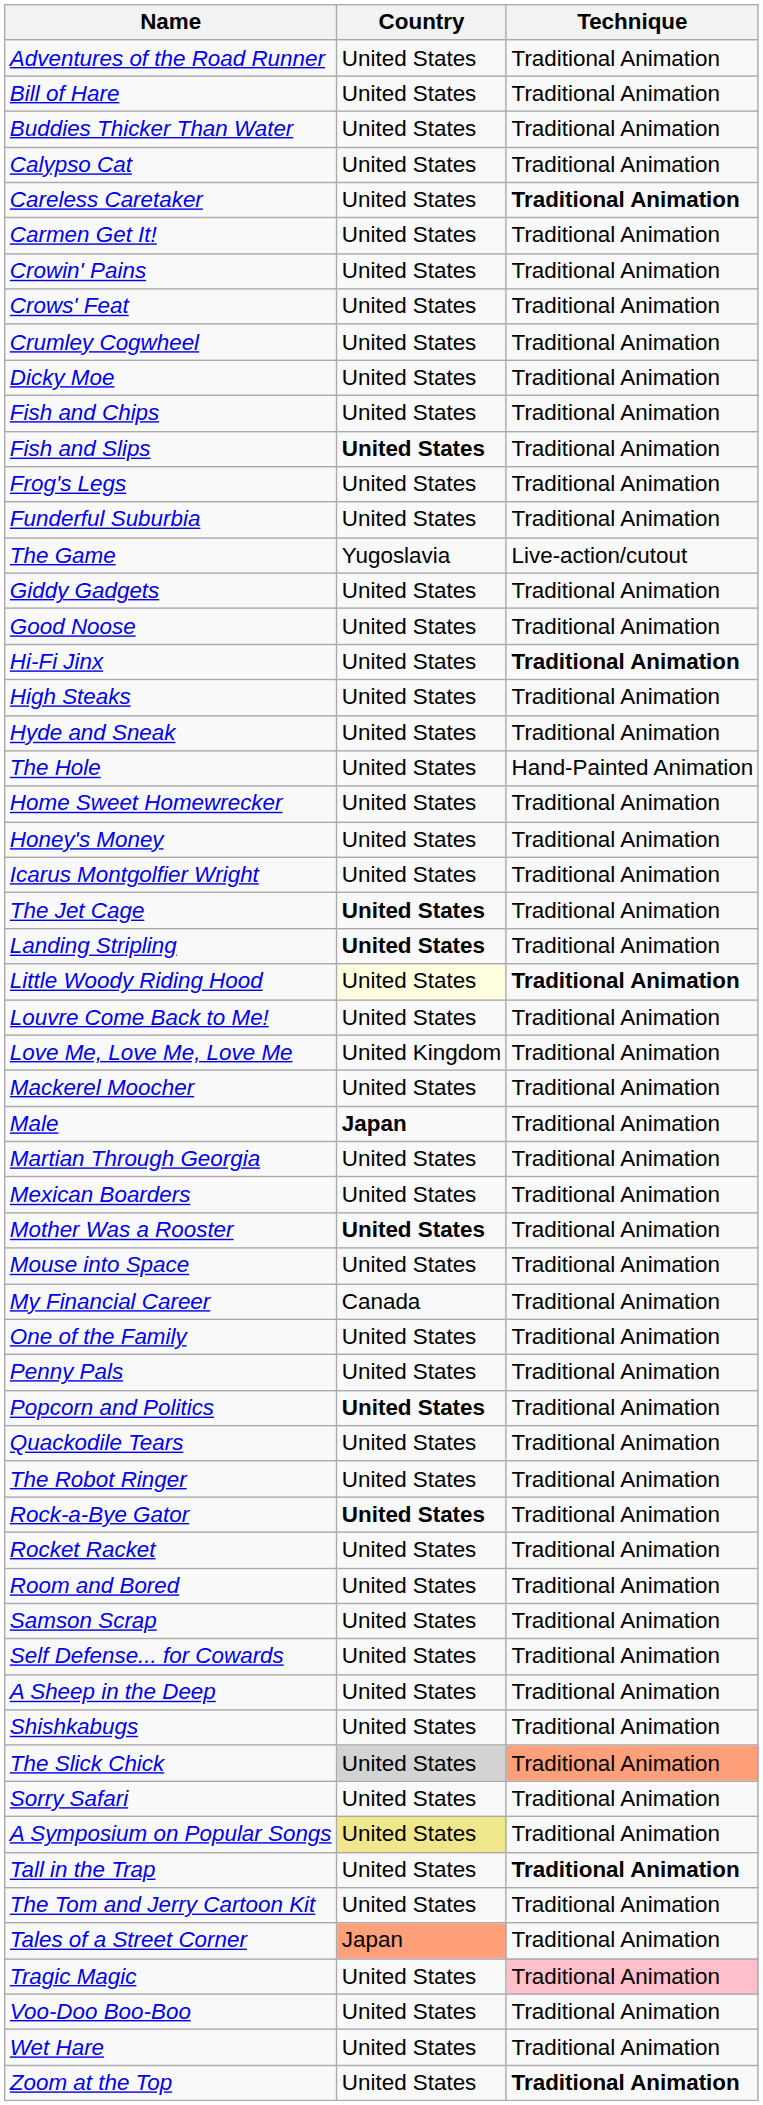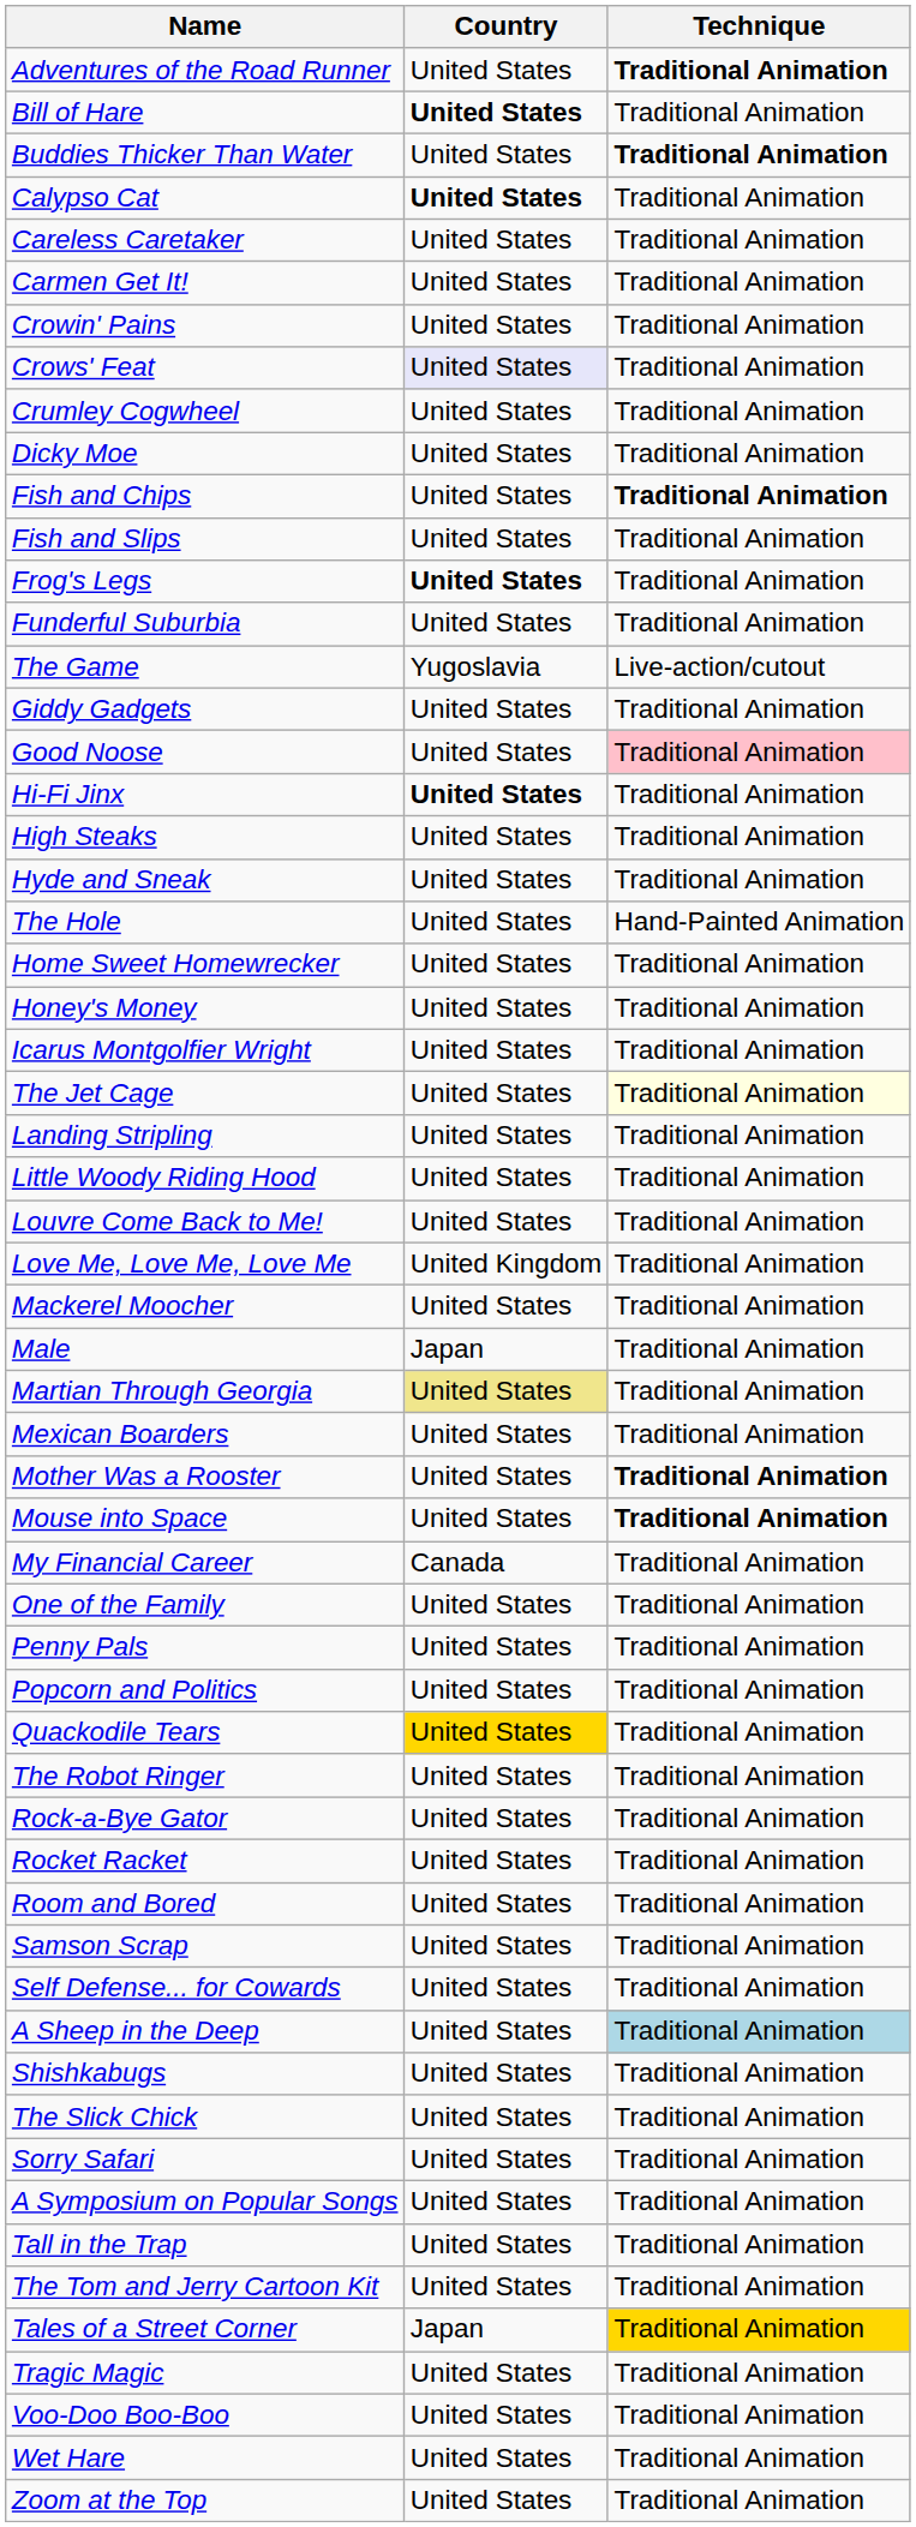 <table class="wikitable sortable">
 <tr>
 <th>Name</th>
 <th>Country</th>
 <th>Technique</th>
 </tr>
 <tr>
 <td><em><a href='#'>Adventures of the Road Runner</a></em></td>
 <td>United States</td>
-<td>Traditional Animation</td>
+<td><strong>Traditional Animation</strong></td>
 </tr>
 <tr>
 <td><em><a href='#'>Bill of Hare</a></em></td>
-<td>United States</td>
+<td><strong>United States</strong></td>
 <td>Traditional Animation</td>
 </tr>
 <tr>
 <td><em><a href='#'>Buddies Thicker Than Water</a></em></td>
 <td>United States</td>
-<td>Traditional Animation</td>
+<td><strong>Traditional Animation</strong></td>
 </tr>
 <tr>
 <td><em><a href='#'>Calypso Cat</a></em></td>
-<td>United States</td>
+<td><strong>United States</strong></td>
 <td>Traditional Animation</td>
 </tr>
 <tr>
 <td><em><a href='#'>Careless Caretaker</a></em></td>
 <td>United States</td>
-<td><strong>Traditional Animation</strong></td>
+<td>Traditional Animation</td>
 </tr>
 <tr>
 <td><em><a href='#'>Carmen Get It!</a></em></td>
 <td>United States</td>
 <td>Traditional Animation</td>
 </tr>
 <tr>
 <td><em><a href='#'>Crowin' Pains</a></em></td>
 <td>United States</td>
 <td>Traditional Animation</td>
 </tr>
 <tr>
 <td><em><a href='#'>Crows' Feat</a></em></td>
-<td>United States</td>
+<td style="background: lavender;">United States</td>
 <td>Traditional Animation</td>
 </tr>
 <tr>
 <td><em><a href='#'>Crumley Cogwheel</a></em></td>
 <td>United States</td>
 <td>Traditional Animation</td>
 </tr>
 <tr>
 <td><em><a href='#'>Dicky Moe</a></em></td>
 <td>United States</td>
 <td>Traditional Animation</td>
 </tr>
 <tr>
 <td><em><a href='#'>Fish and Chips</a></em></td>
 <td>United States</td>
-<td>Traditional Animation</td>
+<td><strong>Traditional Animation</strong></td>
 </tr>
 <tr>
 <td><em><a href='#'>Fish and Slips</a></em></td>
-<td><strong>United States</strong></td>
+<td>United States</td>
 <td>Traditional Animation</td>
 </tr>
 <tr>
 <td><em><a href='#'>Frog's Legs</a></em></td>
-<td>United States</td>
+<td><strong>United States</strong></td>
 <td>Traditional Animation</td>
 </tr>
 <tr>
 <td><em><a href='#'>Funderful Suburbia</a></em></td>
 <td>United States</td>
 <td>Traditional Animation</td>
 </tr>
 <tr>
 <td><em><a href='#'>The Game</a></em></td>
 <td>Yugoslavia</td>
 <td>Live-action/cutout</td>
 </tr>
 <tr>
 <td><em><a href='#'>Giddy Gadgets</a></em></td>
 <td>United States</td>
 <td>Traditional Animation</td>
 </tr>
 <tr>
 <td><em><a href='#'>Good Noose</a></em></td>
 <td>United States</td>
-<td>Traditional Animation</td>
+<td style="background: pink;">Traditional Animation</td>
 </tr>
 <tr>
 <td><em><a href='#'>Hi-Fi Jinx</a></em></td>
-<td>United States</td>
-<td><strong>Traditional Animation</strong></td>
+<td><strong>United States</strong></td>
+<td>Traditional Animation</td>
 </tr>
 <tr>
 <td><em><a href='#'>High Steaks</a></em></td>
 <td>United States</td>
 <td>Traditional Animation</td>
 </tr>
 <tr>
 <td><em><a href='#'>Hyde and Sneak</a></em></td>
 <td>United States</td>
 <td>Traditional Animation</td>
 </tr>
 <tr>
 <td><em><a href='#'>The Hole</a></em></td>
 <td>United States</td>
 <td>Hand-Painted Animation</td>
 </tr>
 <tr>
 <td><em><a href='#'>Home Sweet Homewrecker</a></em></td>
 <td>United States</td>
 <td>Traditional Animation</td>
 </tr>
 <tr>
 <td><em><a href='#'>Honey's Money</a></em></td>
 <td>United States</td>
 <td>Traditional Animation</td>
 </tr>
 <tr>
 <td><em><a href='#'>Icarus Montgolfier Wright</a></em></td>
 <td>United States</td>
 <td>Traditional Animation</td>
 </tr>
 <tr>
 <td><em><a href='#'>The Jet Cage</a></em></td>
-<td><strong>United States</strong></td>
-<td>Traditional Animation</td>
+<td>United States</td>
+<td style="background: lightyellow;">Traditional Animation</td>
 </tr>
 <tr>
 <td><em><a href='#'>Landing Stripling</a></em></td>
-<td><strong>United States</strong></td>
+<td>United States</td>
 <td>Traditional Animation</td>
 </tr>
 <tr>
 <td><em><a href='#'>Little Woody Riding Hood</a></em></td>
-<td style="background: lightyellow;">United States</td>
-<td><strong>Traditional Animation</strong></td>
+<td>United States</td>
+<td>Traditional Animation</td>
 </tr>
 <tr>
 <td><em><a href='#'>Louvre Come Back to Me!</a></em></td>
 <td>United States</td>
 <td>Traditional Animation</td>
 </tr>
 <tr>
 <td><em><a href='#'>Love Me, Love Me, Love Me</a></em></td>
 <td>United Kingdom</td>
 <td>Traditional Animation</td>
 </tr>
 <tr>
 <td><em><a href='#'>Mackerel Moocher</a></em></td>
 <td>United States</td>
 <td>Traditional Animation</td>
 </tr>
 <tr>
 <td><em><a href='#'>Male</a></em></td>
-<td><strong>Japan</strong></td>
+<td>Japan</td>
 <td>Traditional Animation</td>
 </tr>
 <tr>
 <td><em><a href='#'>Martian Through Georgia</a></em></td>
-<td>United States</td>
+<td style="background: khaki;">United States</td>
 <td>Traditional Animation</td>
 </tr>
 <tr>
 <td><em><a href='#'>Mexican Boarders</a></em></td>
 <td>United States</td>
 <td>Traditional Animation</td>
 </tr>
 <tr>
 <td><em><a href='#'>Mother Was a Rooster</a></em></td>
-<td><strong>United States</strong></td>
-<td>Traditional Animation</td>
+<td>United States</td>
+<td><strong>Traditional Animation</strong></td>
 </tr>
 <tr>
 <td><em><a href='#'>Mouse into Space</a></em></td>
 <td>United States</td>
-<td>Traditional Animation</td>
+<td><strong>Traditional Animation</strong></td>
 </tr>
 <tr>
 <td><em><a href='#'>My Financial Career</a></em></td>
 <td>Canada</td>
 <td>Traditional Animation</td>
 </tr>
 <tr>
 <td><em><a href='#'>One of the Family</a></em></td>
 <td>United States</td>
 <td>Traditional Animation</td>
 </tr>
 <tr>
 <td><em><a href='#'>Penny Pals</a></em></td>
 <td>United States</td>
 <td>Traditional Animation</td>
 </tr>
 <tr>
 <td><em><a href='#'>Popcorn and Politics</a></em></td>
-<td><strong>United States</strong></td>
+<td>United States</td>
 <td>Traditional Animation</td>
 </tr>
 <tr>
 <td><em><a href='#'>Quackodile Tears</a></em></td>
-<td>United States</td>
+<td style="background: gold;">United States</td>
 <td>Traditional Animation</td>
 </tr>
 <tr>
 <td><em><a href='#'>The Robot Ringer</a></em></td>
 <td>United States</td>
 <td>Traditional Animation</td>
 </tr>
 <tr>
 <td><em><a href='#'>Rock-a-Bye Gator</a></em></td>
-<td><strong>United States</strong></td>
+<td>United States</td>
 <td>Traditional Animation</td>
 </tr>
 <tr>
 <td><em><a href='#'>Rocket Racket</a></em></td>
 <td>United States</td>
 <td>Traditional Animation</td>
 </tr>
 <tr>
 <td><em><a href='#'>Room and Bored</a></em></td>
 <td>United States</td>
 <td>Traditional Animation</td>
 </tr>
 <tr>
 <td><em><a href='#'>Samson Scrap</a></em></td>
 <td>United States</td>
 <td>Traditional Animation</td>
 </tr>
 <tr>
 <td><em><a href='#'>Self Defense... for Cowards</a></em></td>
 <td>United States</td>
 <td>Traditional Animation</td>
 </tr>
 <tr>
 <td><em><a href='#'>A Sheep in the Deep</a></em></td>
 <td>United States</td>
-<td>Traditional Animation</td>
+<td style="background: lightblue;">Traditional Animation</td>
 </tr>
 <tr>
 <td><em><a href='#'>Shishkabugs</a></em></td>
 <td>United States</td>
 <td>Traditional Animation</td>
 </tr>
 <tr>
 <td><em><a href='#'>The Slick Chick</a></em></td>
-<td style="background: lightgrey;">United States</td>
-<td style="background: lightsalmon;">Traditional Animation</td>
+<td>United States</td>
+<td>Traditional Animation</td>
 </tr>
 <tr>
 <td><em><a href='#'>Sorry Safari</a></em></td>
 <td>United States</td>
 <td>Traditional Animation</td>
 </tr>
 <tr>
 <td><em><a href='#'>A Symposium on Popular Songs</a></em></td>
-<td style="background: khaki;">United States</td>
+<td>United States</td>
 <td>Traditional Animation</td>
 </tr>
 <tr>
 <td><em><a href='#'>Tall in the Trap</a></em></td>
 <td>United States</td>
-<td><strong>Traditional Animation</strong></td>
+<td>Traditional Animation</td>
 </tr>
 <tr>
 <td><em><a href='#'>The Tom and Jerry Cartoon Kit</a></em></td>
 <td>United States</td>
 <td>Traditional Animation</td>
 </tr>
 <tr>
 <td><em><a href='#'>Tales of a Street Corner</a></em></td>
-<td style="background: lightsalmon;">Japan</td>
-<td>Traditional Animation</td>
+<td>Japan</td>
+<td style="background: gold;">Traditional Animation</td>
 </tr>
 <tr>
 <td><em><a href='#'>Tragic Magic</a></em></td>
 <td>United States</td>
-<td style="background: pink;">Traditional Animation</td>
+<td>Traditional Animation</td>
 </tr>
 <tr>
 <td><em><a href='#'>Voo-Doo Boo-Boo</a></em></td>
 <td>United States</td>
 <td>Traditional Animation</td>
 </tr>
 <tr>
 <td><em><a href='#'>Wet Hare</a></em></td>
 <td>United States</td>
 <td>Traditional Animation</td>
 </tr>
 <tr>
 <td><em><a href='#'>Zoom at the Top</a></em></td>
 <td>United States</td>
-<td><strong>Traditional Animation</strong></td>
+<td>Traditional Animation</td>
 </tr>
 </table>
